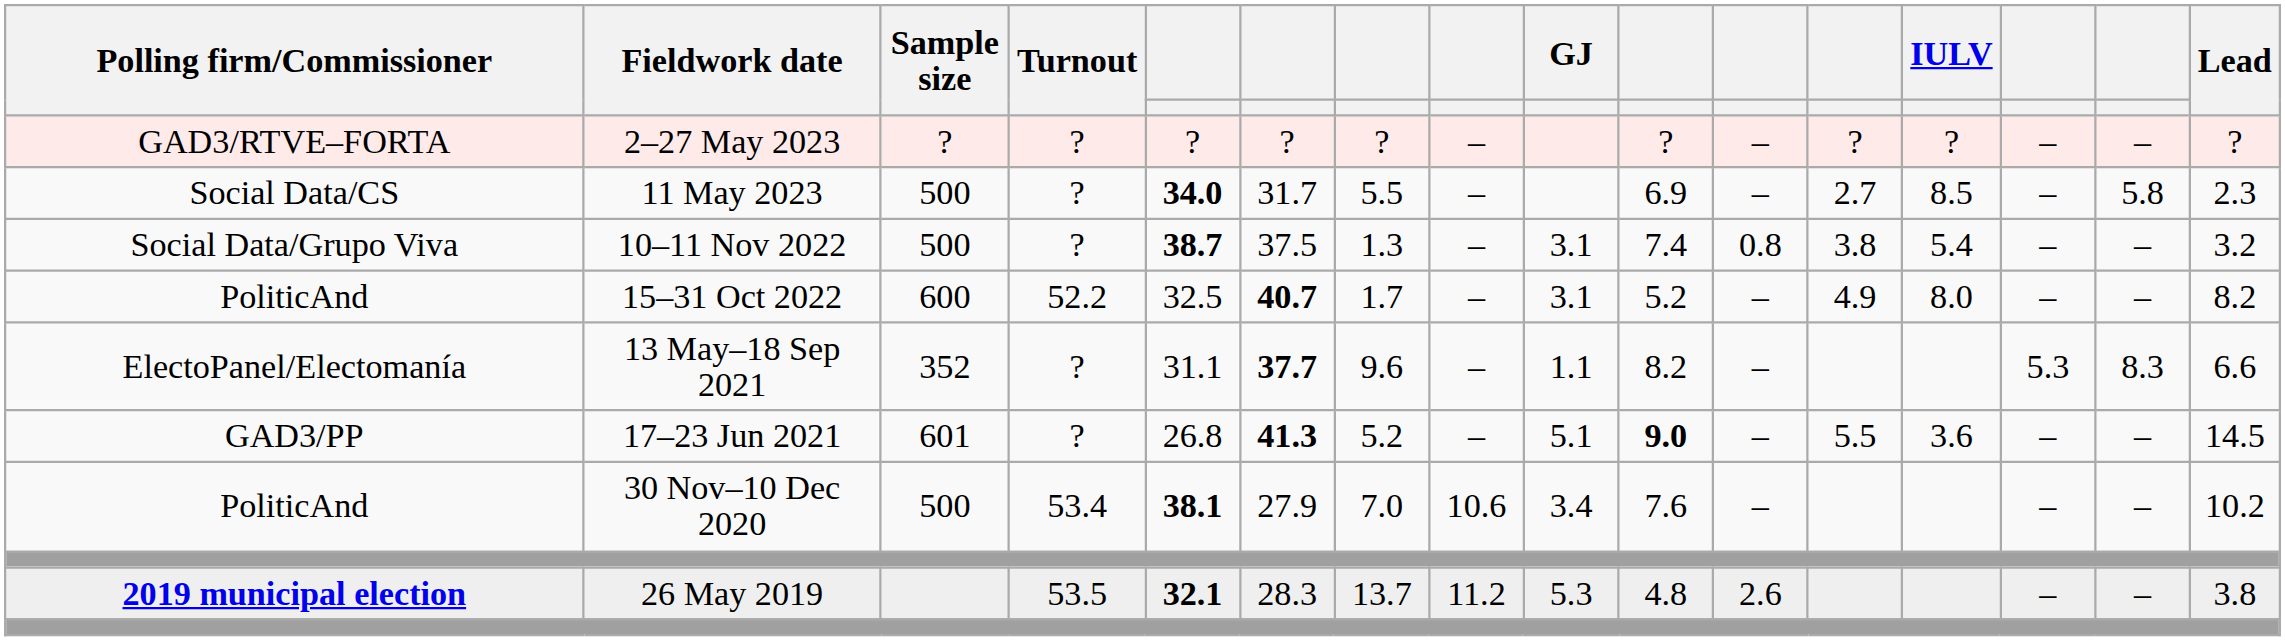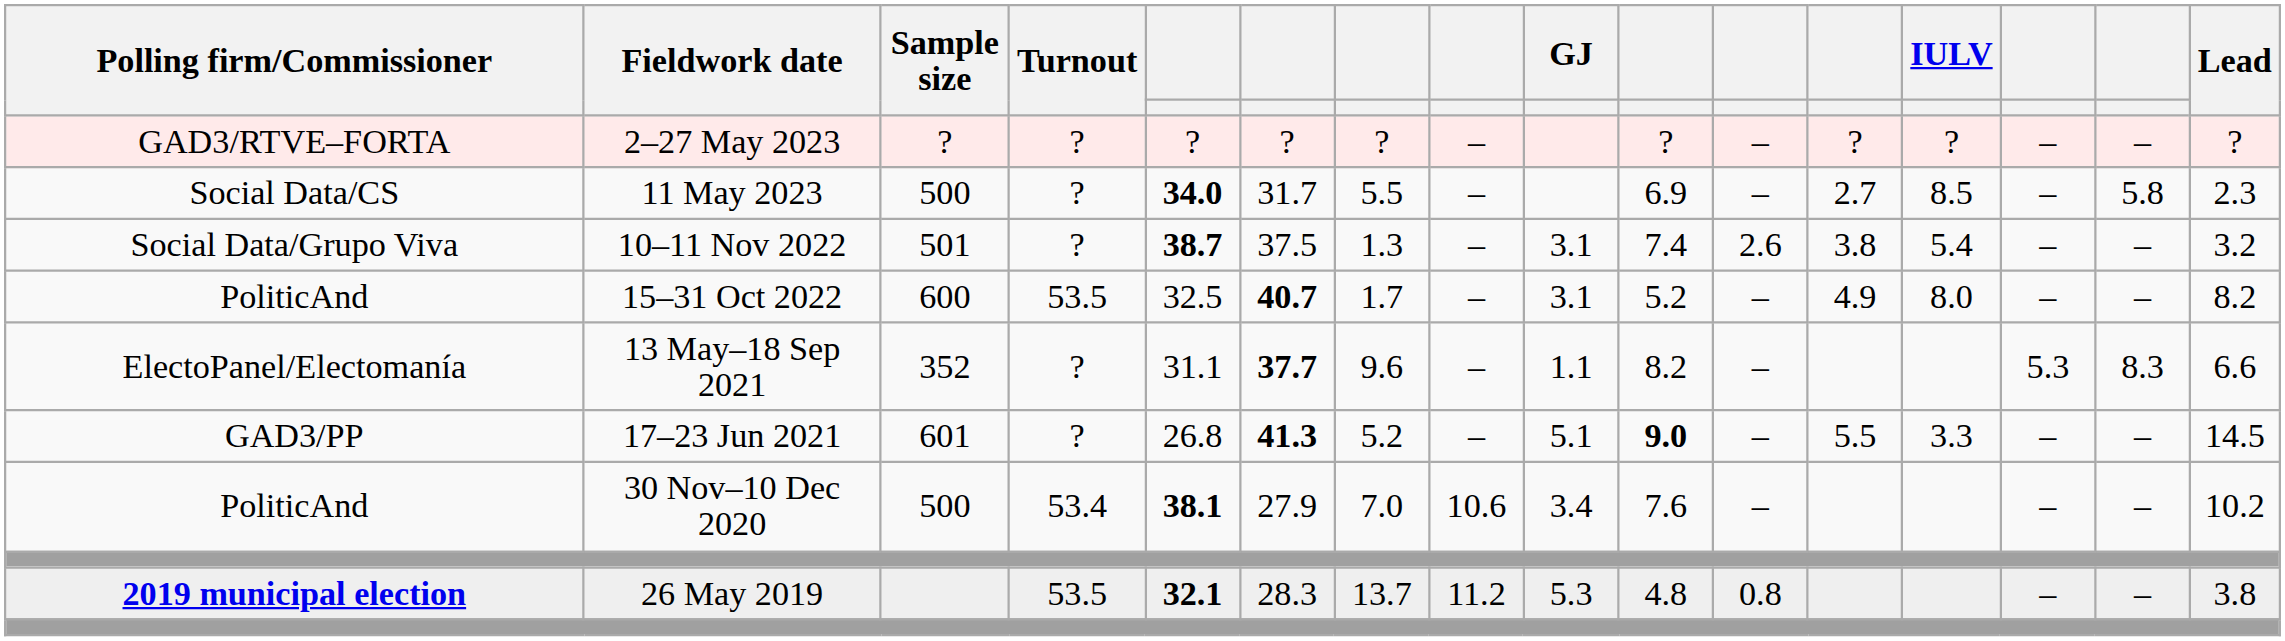 <table class="wikitable collapsible collapsed" style="text-align:center; font-size:95%; line-height:16px;">
 <tr style="height:42px;">
 <th style="width:250px;" rowspan="2">Polling firm/Commissioner</th>
 <th style="width:125px;" rowspan="2">Fieldwork date</th>
 <th style="width:50px;" rowspan="2">Sample size</th>
 <th style="width:45px;" rowspan="2">Turnout</th>
 <th style="width:35px;"></th>
 <th style="width:35px;"></th>
 <th style="width:35px;"></th>
 <th style="width:35px;"></th>
 <th style="width:35px;">GJ</th>
 <th style="width:35px;"></th>
 <th style="width:35px;"></th>
 <th style="width:35px;"></th>
 <th style="width:35px;"><a href='#'>IULV</a></th>
 <th style="width:35px;"></th>
 <th style="width:35px;"></th>
 <th style="width:30px;" rowspan="2">Lead</th>
 </tr>
 <tr>
 <th style="color:inherit;background:"></th>
 <th style="color:inherit;background:"></th>
 <th style="color:inherit;background:"></th>
 <th style="color:inherit;background:"></th>
 <th style="color:inherit;background:"></th>
 <th style="color:inherit;background:"></th>
 <th style="color:inherit;background:"></th>
 <th style="color:inherit;background:"></th>
 <th style="color:inherit;background:"></th>
 <th style="color:inherit;background:"></th>
 <th style="color:inherit;background:"></th>
 </tr>
 <tr style="background:#FFEAEA;">
 <td>GAD3/RTVE–FORTA</td>
 <td>2–27 May 2023</td>
 <td>?</td>
 <td>?</td>
 <td>?<br></td>
 <td>?<br></td>
 <td>?<br></td>
 <td>–</td>
 <td></td>
 <td>?<br></td>
 <td>–</td>
 <td>?<br></td>
 <td>?<br></td>
 <td>–</td>
 <td>–</td>
 <td style="background:">?</td>
 </tr>
 <tr>
 <td>Social Data/CS</td>
 <td>11 May 2023</td>
 <td>500</td>
 <td>?</td>
 <td><strong>34.0</strong><br></td>
 <td>31.7<br></td>
 <td>5.5<br></td>
 <td>–</td>
 <td></td>
 <td>6.9<br></td>
 <td>–</td>
 <td>2.7<br></td>
 <td>8.5<br></td>
 <td>–</td>
 <td>5.8<br></td>
 <td style="background:">2.3</td>
 </tr>
 <tr>
 <td>Social Data/Grupo Viva</td>
 <td>10–11 Nov 2022</td>
-<td>500</td>
+<td>501</td>
 <td>?</td>
 <td><strong>38.7</strong><br></td>
 <td>37.5<br></td>
 <td>1.3<br></td>
 <td>–</td>
 <td>3.1<br></td>
 <td>7.4<br></td>
-<td>0.8<br></td>
+<td>2.6<br></td>
 <td>3.8<br></td>
 <td>5.4<br></td>
 <td>–</td>
 <td>–</td>
 <td style="background:">3.2</td>
 </tr>
 <tr>
 <td>PoliticAnd</td>
 <td>15–31 Oct 2022</td>
 <td>600</td>
-<td>52.2</td>
+<td>53.5</td>
 <td>32.5<br></td>
 <td><strong>40.7</strong><br></td>
 <td>1.7<br></td>
 <td>–</td>
 <td>3.1<br></td>
 <td>5.2<br></td>
 <td>–</td>
 <td>4.9<br></td>
 <td>8.0<br></td>
 <td>–</td>
 <td>–</td>
 <td style="background:">8.2</td>
 </tr>
 <tr>
 <td>ElectoPanel/Electomanía</td>
 <td>13 May–18 Sep 2021</td>
 <td>352</td>
 <td>?</td>
 <td>31.1<br></td>
 <td><strong>37.7</strong><br></td>
 <td>9.6<br></td>
 <td>–</td>
 <td>1.1<br></td>
 <td>8.2<br></td>
 <td>–</td>
 <td></td>
 <td></td>
 <td>5.3<br></td>
 <td>8.3<br></td>
 <td style="background:">6.6</td>
 </tr>
 <tr>
 <td>GAD3/PP</td>
 <td>17–23 Jun 2021</td>
 <td>601</td>
 <td>?</td>
 <td>26.8<br></td>
 <td><strong>41.3</strong><br></td>
 <td>5.2<br></td>
 <td>–</td>
 <td>5.1<br></td>
 <td><strong>9.0<br></strong></td>
 <td>–</td>
 <td>5.5<br></td>
-<td>3.6<br></td>
+<td>3.3<br></td>
 <td>–</td>
 <td>–</td>
 <td style="background:">14.5</td>
 </tr>
 <tr>
 <td>PoliticAnd</td>
 <td>30 Nov–10 Dec 2020</td>
 <td>500</td>
 <td>53.4</td>
 <td><strong>38.1</strong><br></td>
 <td>27.9<br></td>
 <td>7.0<br></td>
 <td>10.6<br></td>
 <td>3.4<br></td>
 <td>7.6<br></td>
 <td>–</td>
 <td></td>
 <td></td>
 <td>–</td>
 <td>–</td>
 <td style="background:">10.2</td>
 </tr>
 <tr>
 <td colspan="16" style="background:#A0A0A0"></td>
 </tr>
 <tr style="background:#EFEFEF;">
 <td><strong><a href='#'>2019 municipal election</a></strong></td>
 <td>26 May 2019</td>
 <td></td>
 <td>53.5</td>
 <td><strong>32.1</strong><br></td>
 <td>28.3<br></td>
 <td>13.7<br></td>
 <td>11.2<br></td>
 <td>5.3<br></td>
 <td>4.8<br></td>
-<td>2.6<br></td>
+<td>0.8<br></td>
 <td></td>
 <td></td>
 <td>–</td>
 <td>–</td>
 <td style="background:">3.8</td>
 </tr>
 <tr>
 <td colspan="16" style="background:#A0A0A0"></td>
 </tr>
 </table>
